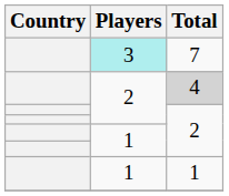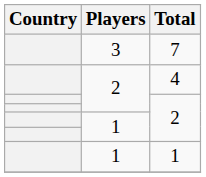 <table class="sortable plainrowheaders wikitable">
 <tr>
 <th scope="col">Country</th>
 <th scope="col">Players</th>
 <th scope="col">Total</th>
 </tr>
 <tr>
 <th scope="row"></th>
-<td style="background: paleturquoise; text-align: center">3</td>
+<td style="text-align: center">3</td>
 <td style="text-align: center">7</td>
 </tr>
 <tr>
 <th scope="row"></th>
 <td style="text-align: center" rowspan=3>2</td>
-<td style="background: lightgrey; text-align: center">4</td>
+<td style="text-align: center">4</td>
 </tr>
 <tr>
 <th scope="row"></th>
 <td style="text-align: center" rowspan=4>2</td>
 </tr>
 <tr>
 <th scope="row"></th>
 </tr>
 <tr>
 <th scope="row"></th>
 <td style="text-align: center" rowspan=2>1</td>
 </tr>
 <tr>
 <th scope="row"></th>
 </tr>
 <tr>
 <th scope="row"></th>
 <td style="text-align: center">1</td>
 <td style="text-align: center">1</td>
 </tr>
 <tr>
 </tr>
 </table>
